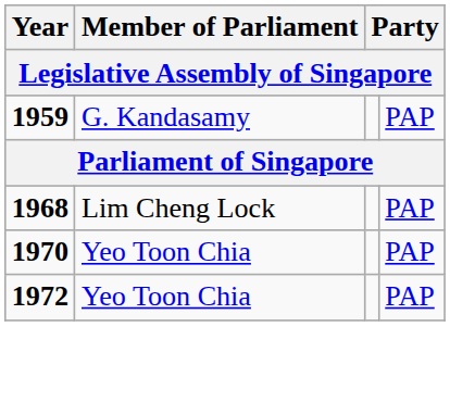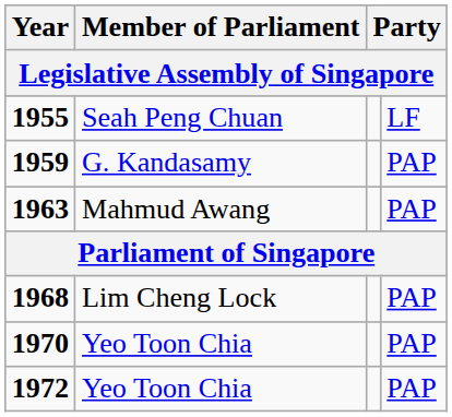 <table class="wikitable">
 <tr>
 <th>Year</th>
 <th>Member of Parliament</th>
 <th colspan="2">Party</th>
 </tr>
 <tr>
 <th colspan="4"><a href='#'>Legislative Assembly of Singapore</a></th>
 </tr>
 <tr>
+<td><strong>1955</strong></td>
+<td><a href='#'>Seah Peng Chuan</a></td>
+<td></td>
+<td><a href='#'>LF</a></td>
+</tr>
+<tr>
 <td><strong>1959</strong></td>
 <td><a href='#'>G. Kandasamy</a></td>
+<td></td>
+<td><a href='#'>PAP</a></td>
+</tr>
+<tr>
+<td><strong>1963</strong></td>
+<td>Mahmud Awang</td>
 <td></td>
 <td><a href='#'>PAP</a></td>
 </tr>
 <tr>
 <th colspan="4"><a href='#'>Parliament of Singapore</a></th>
 </tr>
 <tr>
 <td><strong>1968</strong></td>
 <td>Lim Cheng Lock</td>
 <td></td>
 <td><a href='#'>PAP</a></td>
 </tr>
 <tr>
 <td><strong>1970</strong></td>
 <td><a href='#'>Yeo Toon Chia</a></td>
 <td></td>
 <td><a href='#'>PAP</a></td>
 </tr>
 <tr>
 <td><strong>1972</strong></td>
 <td><a href='#'>Yeo Toon Chia</a></td>
 <td></td>
 <td><a href='#'>PAP</a></td>
 </tr>
 </table>
